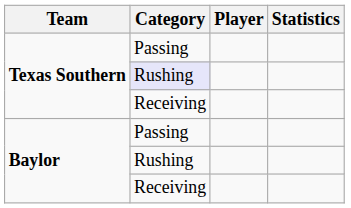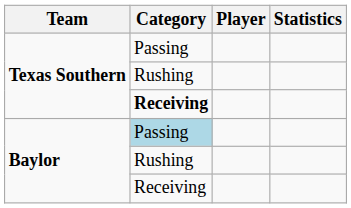 <table class="wikitable" style="float: left;">
 <tr>
 <th>Team</th>
 <th>Category</th>
 <th>Player</th>
 <th>Statistics</th>
 </tr>
 <tr>
 <td rowspan=3><strong>Texas Southern</strong></td>
 <td>Passing</td>
 <td> </td>
 <td> </td>
 </tr>
 <tr>
-<td style="background: lavender;">Rushing</td>
+<td>Rushing</td>
 <td> </td>
 <td> </td>
 </tr>
 <tr>
-<td>Receiving</td>
+<td><strong>Receiving</strong></td>
 <td> </td>
 <td> </td>
 </tr>
 <tr>
 <td rowspan=3><strong>Baylor</strong></td>
-<td>Passing</td>
+<td style="background: lightblue;">Passing</td>
 <td> </td>
 <td> </td>
 </tr>
 <tr>
 <td>Rushing</td>
 <td> </td>
 <td> </td>
 </tr>
 <tr>
 <td>Receiving</td>
 <td> </td>
 <td> </td>
 </tr>
 </table>
